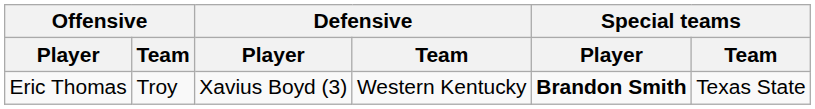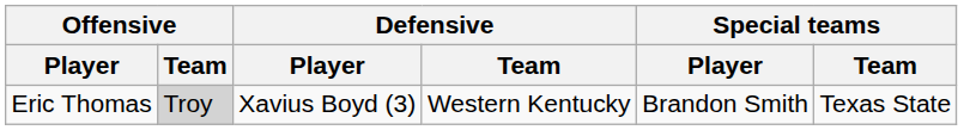 <table class="wikitable">
 <tr>
 <th colspan="2">Offensive</th>
 <th colspan="2">Defensive</th>
 <th colspan="2">Special teams</th>
 </tr>
 <tr>
 <th>Player</th>
 <th>Team</th>
 <th>Player</th>
 <th>Team</th>
 <th>Player</th>
 <th>Team</th>
 </tr>
 <tr>
 <td>Eric Thomas</td>
-<td>Troy</td>
+<td style="background: lightgrey;">Troy</td>
 <td>Xavius Boyd (3)</td>
 <td>Western Kentucky</td>
-<td><strong>Brandon Smith</strong></td>
+<td>Brandon Smith</td>
 <td>Texas State</td>
 </tr>
 </table>
